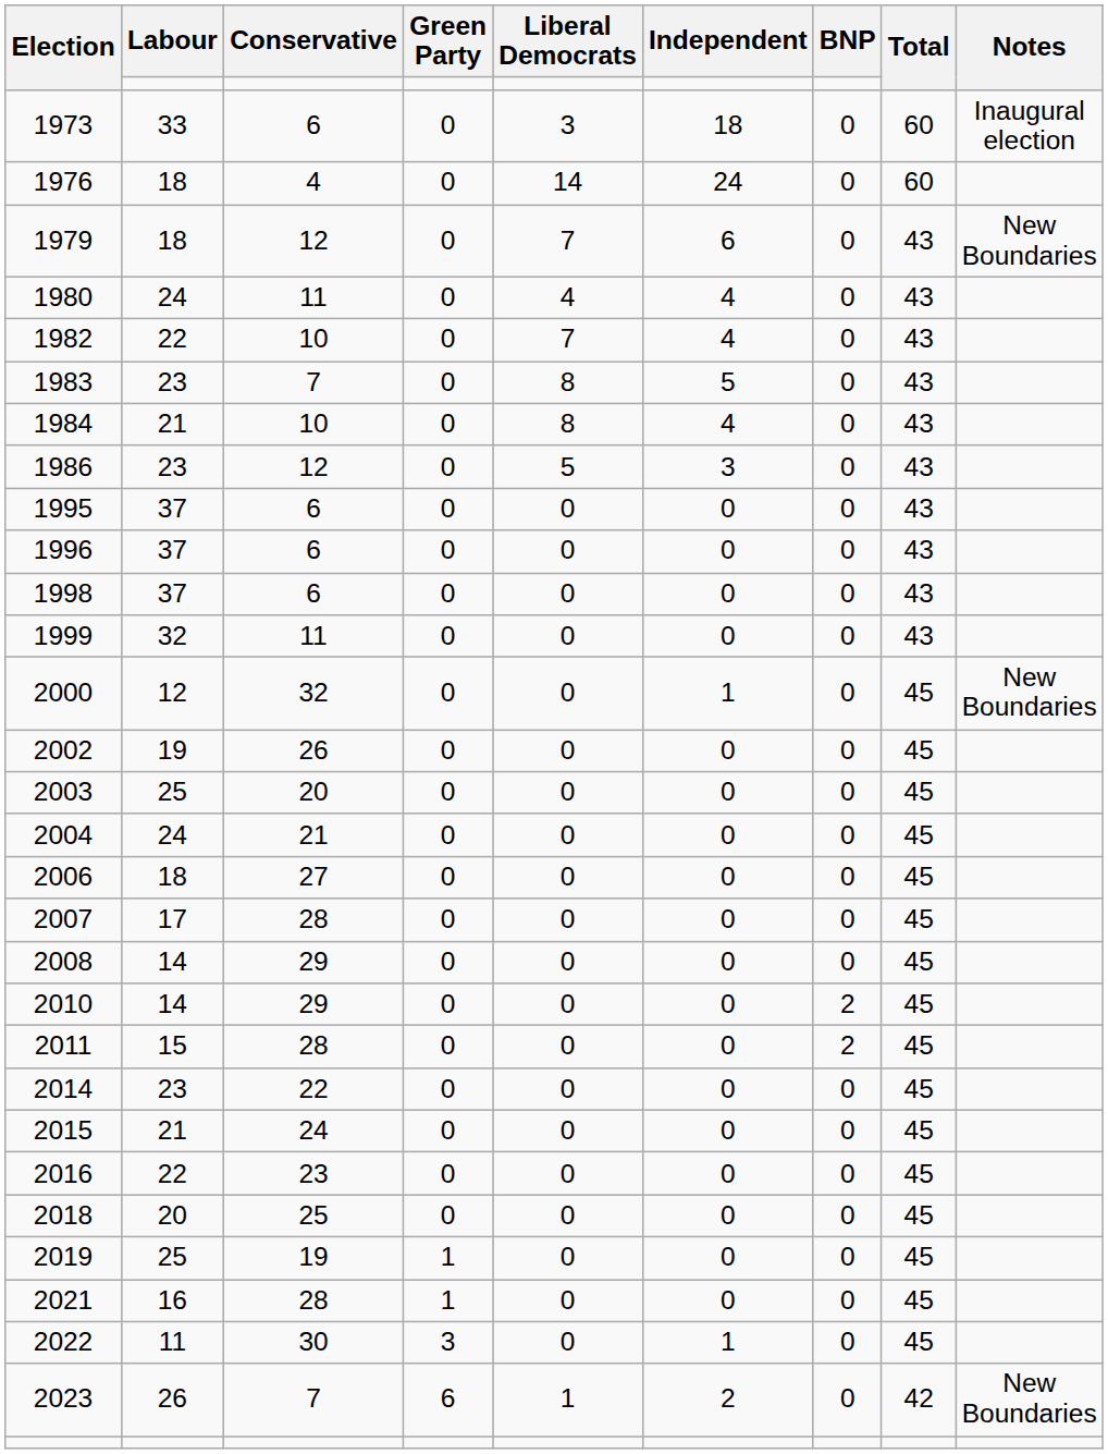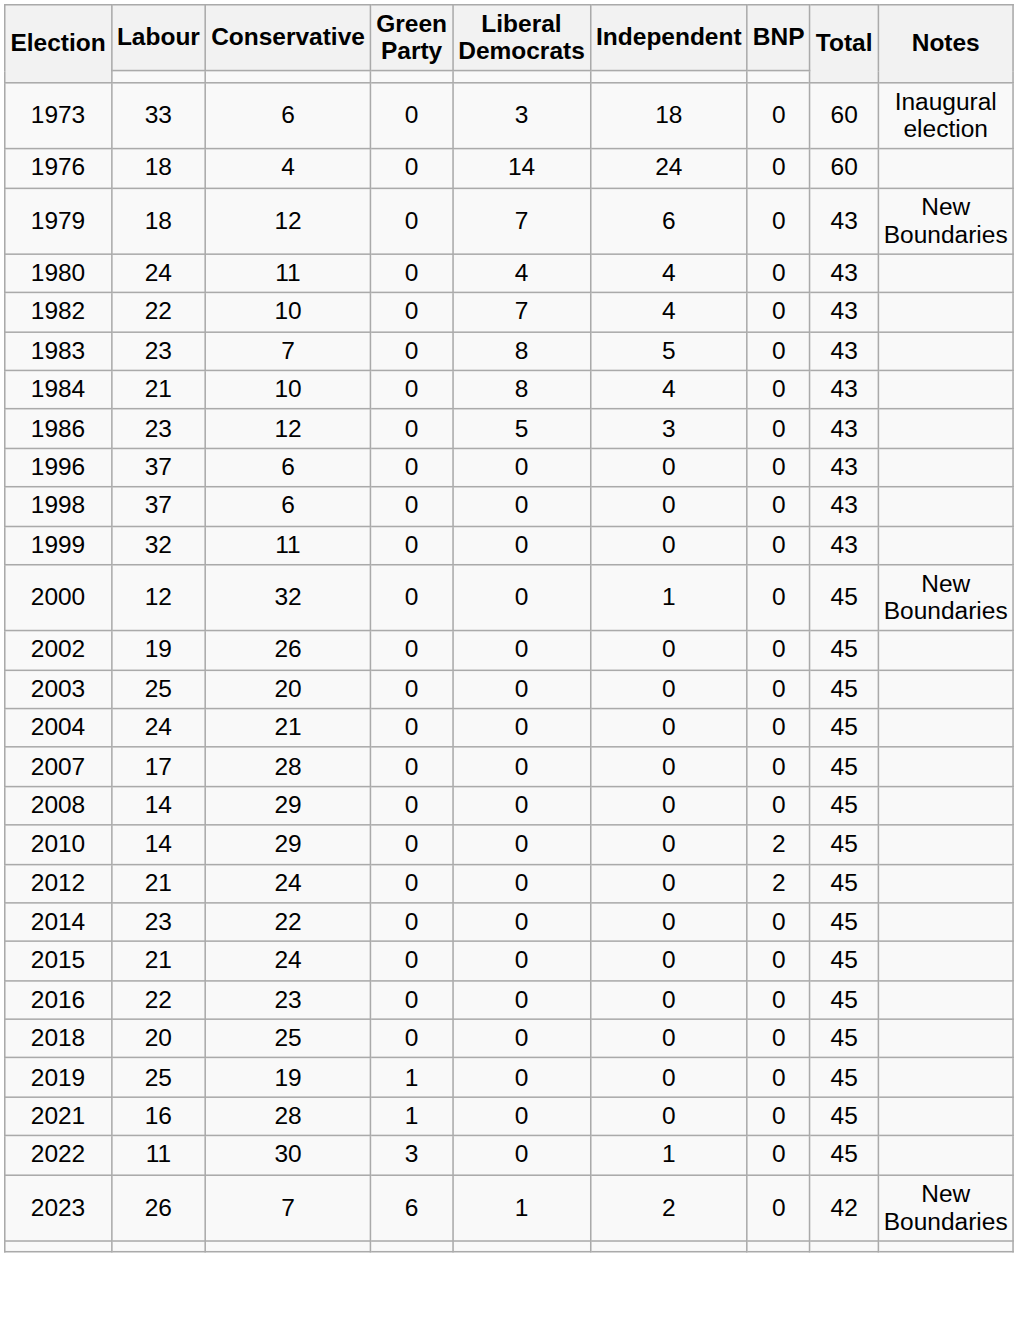 <table class="wikitable" style="text-align: center">
 <tr>
 <th rowspan="2">Election</th>
 <th>Labour</th>
 <th>Conservative</th>
 <th>Green Party</th>
 <th>Liberal Democrats</th>
 <th>Independent</th>
 <th>BNP</th>
 <th rowspan="2">Total</th>
 <th rowspan="2">Notes</th>
 </tr>
 <tr>
 <td style="background-color: "></td>
 <td style="background-color: "></td>
 <td style="background-color: "></td>
 <td style="background-color: "></td>
 <td style="background-color: "></td>
 <td style="background-color: "></td>
 </tr>
 <tr>
 <td>1973</td>
 <td>33</td>
 <td>6</td>
 <td>0</td>
 <td>3</td>
 <td>18</td>
 <td>0</td>
 <td>60</td>
 <td>Inaugural election</td>
 </tr>
 <tr>
 <td>1976</td>
 <td>18</td>
 <td>4</td>
 <td>0</td>
 <td>14</td>
 <td>24</td>
 <td>0</td>
 <td>60</td>
 <td></td>
 </tr>
 <tr>
 <td>1979</td>
 <td>18</td>
 <td>12</td>
 <td>0</td>
 <td>7</td>
 <td>6</td>
 <td>0</td>
 <td>43</td>
 <td>New Boundaries</td>
 </tr>
 <tr>
 <td>1980</td>
 <td>24</td>
 <td>11</td>
 <td>0</td>
 <td>4</td>
 <td>4</td>
 <td>0</td>
 <td>43</td>
 <td></td>
 </tr>
 <tr>
 <td>1982</td>
 <td>22</td>
 <td>10</td>
 <td>0</td>
 <td>7</td>
 <td>4</td>
 <td>0</td>
 <td>43</td>
 <td></td>
 </tr>
 <tr>
 <td>1983</td>
 <td>23</td>
 <td>7</td>
 <td>0</td>
 <td>8</td>
 <td>5</td>
 <td>0</td>
 <td>43</td>
 <td></td>
 </tr>
 <tr>
 <td>1984</td>
 <td>21</td>
 <td>10</td>
 <td>0</td>
 <td>8</td>
 <td>4</td>
 <td>0</td>
 <td>43</td>
 <td></td>
 </tr>
 <tr>
 <td>1986</td>
 <td>23</td>
 <td>12</td>
 <td>0</td>
 <td>5</td>
 <td>3</td>
 <td>0</td>
 <td>43</td>
 <td></td>
 </tr>
 <tr>
-<td>1995</td>
-<td>37</td>
-<td>6</td>
-<td>0</td>
-<td>0</td>
-<td>0</td>
-<td>0</td>
-<td>43</td>
-<td></td>
-</tr>
-<tr>
 <td>1996</td>
 <td>37</td>
 <td>6</td>
 <td>0</td>
 <td>0</td>
 <td>0</td>
 <td>0</td>
 <td>43</td>
 <td></td>
 </tr>
 <tr>
 <td>1998</td>
 <td>37</td>
 <td>6</td>
 <td>0</td>
 <td>0</td>
 <td>0</td>
 <td>0</td>
 <td>43</td>
 <td></td>
 </tr>
 <tr>
 <td>1999</td>
 <td>32</td>
 <td>11</td>
 <td>0</td>
 <td>0</td>
 <td>0</td>
 <td>0</td>
 <td>43</td>
 <td></td>
 </tr>
 <tr>
 <td>2000</td>
 <td>12</td>
 <td>32</td>
 <td>0</td>
 <td>0</td>
 <td>1</td>
 <td>0</td>
 <td>45</td>
 <td>New Boundaries</td>
 </tr>
 <tr>
 <td>2002</td>
 <td>19</td>
 <td>26</td>
 <td>0</td>
 <td>0</td>
 <td>0</td>
 <td>0</td>
 <td>45</td>
 <td></td>
 </tr>
 <tr>
 <td>2003</td>
 <td>25</td>
 <td>20</td>
 <td>0</td>
 <td>0</td>
 <td>0</td>
 <td>0</td>
 <td>45</td>
 <td></td>
 </tr>
 <tr>
 <td>2004</td>
 <td>24</td>
 <td>21</td>
 <td>0</td>
 <td>0</td>
 <td>0</td>
 <td>0</td>
 <td>45</td>
 <td></td>
 </tr>
 <tr>
-<td>2006</td>
-<td>18</td>
-<td>27</td>
-<td>0</td>
-<td>0</td>
-<td>0</td>
-<td>0</td>
-<td>45</td>
-<td></td>
-</tr>
-<tr>
 <td>2007</td>
 <td>17</td>
 <td>28</td>
 <td>0</td>
 <td>0</td>
 <td>0</td>
 <td>0</td>
 <td>45</td>
 <td></td>
 </tr>
 <tr>
 <td>2008</td>
 <td>14</td>
 <td>29</td>
 <td>0</td>
 <td>0</td>
 <td>0</td>
 <td>0</td>
 <td>45</td>
 <td></td>
 </tr>
 <tr>
 <td>2010</td>
 <td>14</td>
 <td>29</td>
 <td>0</td>
 <td>0</td>
 <td>0</td>
 <td>2</td>
 <td>45</td>
 <td></td>
 </tr>
 <tr>
-<td>2011</td>
-<td>15</td>
-<td>28</td>
+<td>2012</td>
+<td>21</td>
+<td>24</td>
 <td>0</td>
 <td>0</td>
 <td>0</td>
 <td>2</td>
 <td>45</td>
 <td></td>
 </tr>
 <tr>
 <td>2014</td>
 <td>23</td>
 <td>22</td>
 <td>0</td>
 <td>0</td>
 <td>0</td>
 <td>0</td>
 <td>45</td>
 <td></td>
 </tr>
 <tr>
 <td>2015</td>
 <td>21</td>
 <td>24</td>
 <td>0</td>
 <td>0</td>
 <td>0</td>
 <td>0</td>
 <td>45</td>
 <td></td>
 </tr>
 <tr>
 <td>2016</td>
 <td>22</td>
 <td>23</td>
 <td>0</td>
 <td>0</td>
 <td>0</td>
 <td>0</td>
 <td>45</td>
 <td></td>
 </tr>
 <tr>
 <td>2018</td>
 <td>20</td>
 <td>25</td>
 <td>0</td>
 <td>0</td>
 <td>0</td>
 <td>0</td>
 <td>45</td>
 <td></td>
 </tr>
 <tr>
 <td>2019</td>
 <td>25</td>
 <td>19</td>
 <td>1</td>
 <td>0</td>
 <td>0</td>
 <td>0</td>
 <td>45</td>
 <td></td>
 </tr>
 <tr>
 <td>2021</td>
 <td>16</td>
 <td>28</td>
 <td>1</td>
 <td>0</td>
 <td>0</td>
 <td>0</td>
 <td>45</td>
 <td></td>
 </tr>
 <tr>
 <td>2022</td>
 <td>11</td>
 <td>30</td>
 <td>3</td>
 <td>0</td>
 <td>1</td>
 <td>0</td>
 <td>45</td>
 <td></td>
 </tr>
 <tr>
 <td>2023</td>
 <td>26</td>
 <td>7</td>
 <td>6</td>
 <td>1</td>
 <td>2</td>
 <td>0</td>
 <td>42</td>
 <td>New Boundaries</td>
 </tr>
 <tr>
 <td></td>
 <td style="background-color: "></td>
 <td style="background-color: "></td>
 <td style="background-color: "></td>
 <td style="background-color: "></td>
 <td style="background-color: "></td>
 <td style="background-color: "></td>
 <td></td>
 </tr>
 </table>
